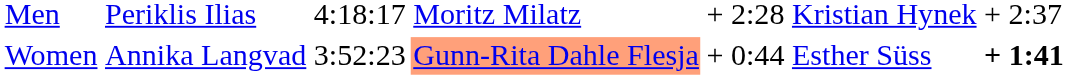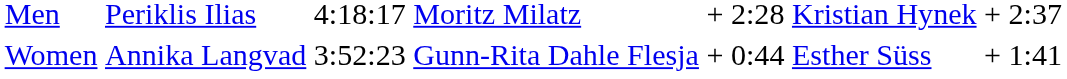 <table>
 <tr>
 <td><a href='#'>Men</a><br></td>
 <td><a href='#'>Periklis Ilias</a><br></td>
 <td>4:18:17</td>
 <td><a href='#'>Moritz Milatz</a><br> </td>
 <td>+ 2:28</td>
 <td><a href='#'>Kristian Hynek</a><br> </td>
 <td>+ 2:37</td>
 </tr>
 <tr>
 <td><a href='#'>Women</a><br></td>
 <td><a href='#'>Annika Langvad</a><br> </td>
 <td>3:52:23</td>
-<td style="background: lightsalmon;"><a href='#'>Gunn-Rita Dahle Flesja</a><br> </td>
+<td><a href='#'>Gunn-Rita Dahle Flesja</a><br> </td>
 <td>+ 0:44</td>
 <td><a href='#'>Esther Süss</a><br> </td>
-<td><strong>+ 1:41</strong></td>
+<td>+ 1:41</td>
 </tr>
 <tr>
 </tr>
 </table>
